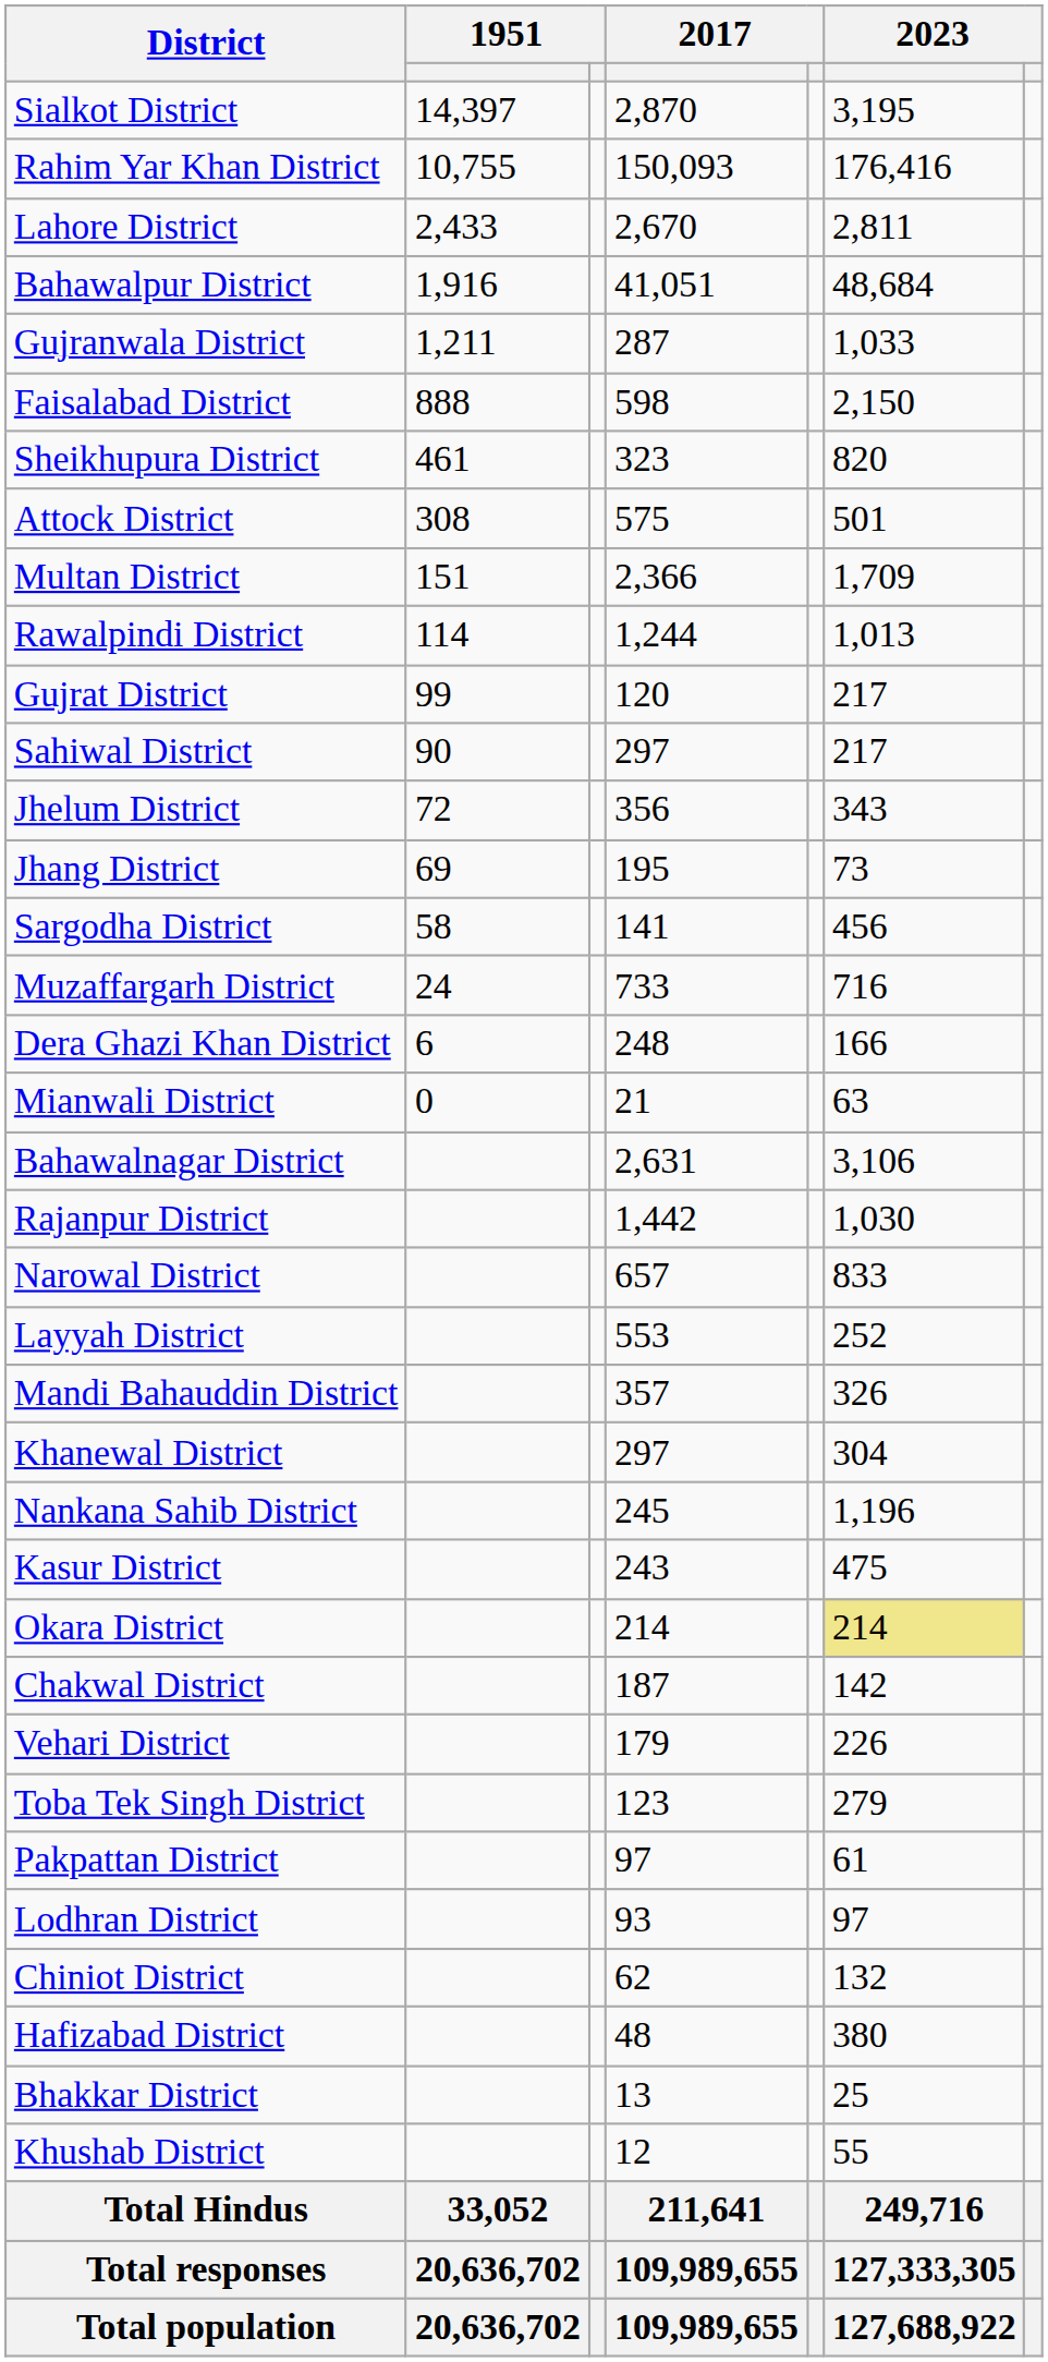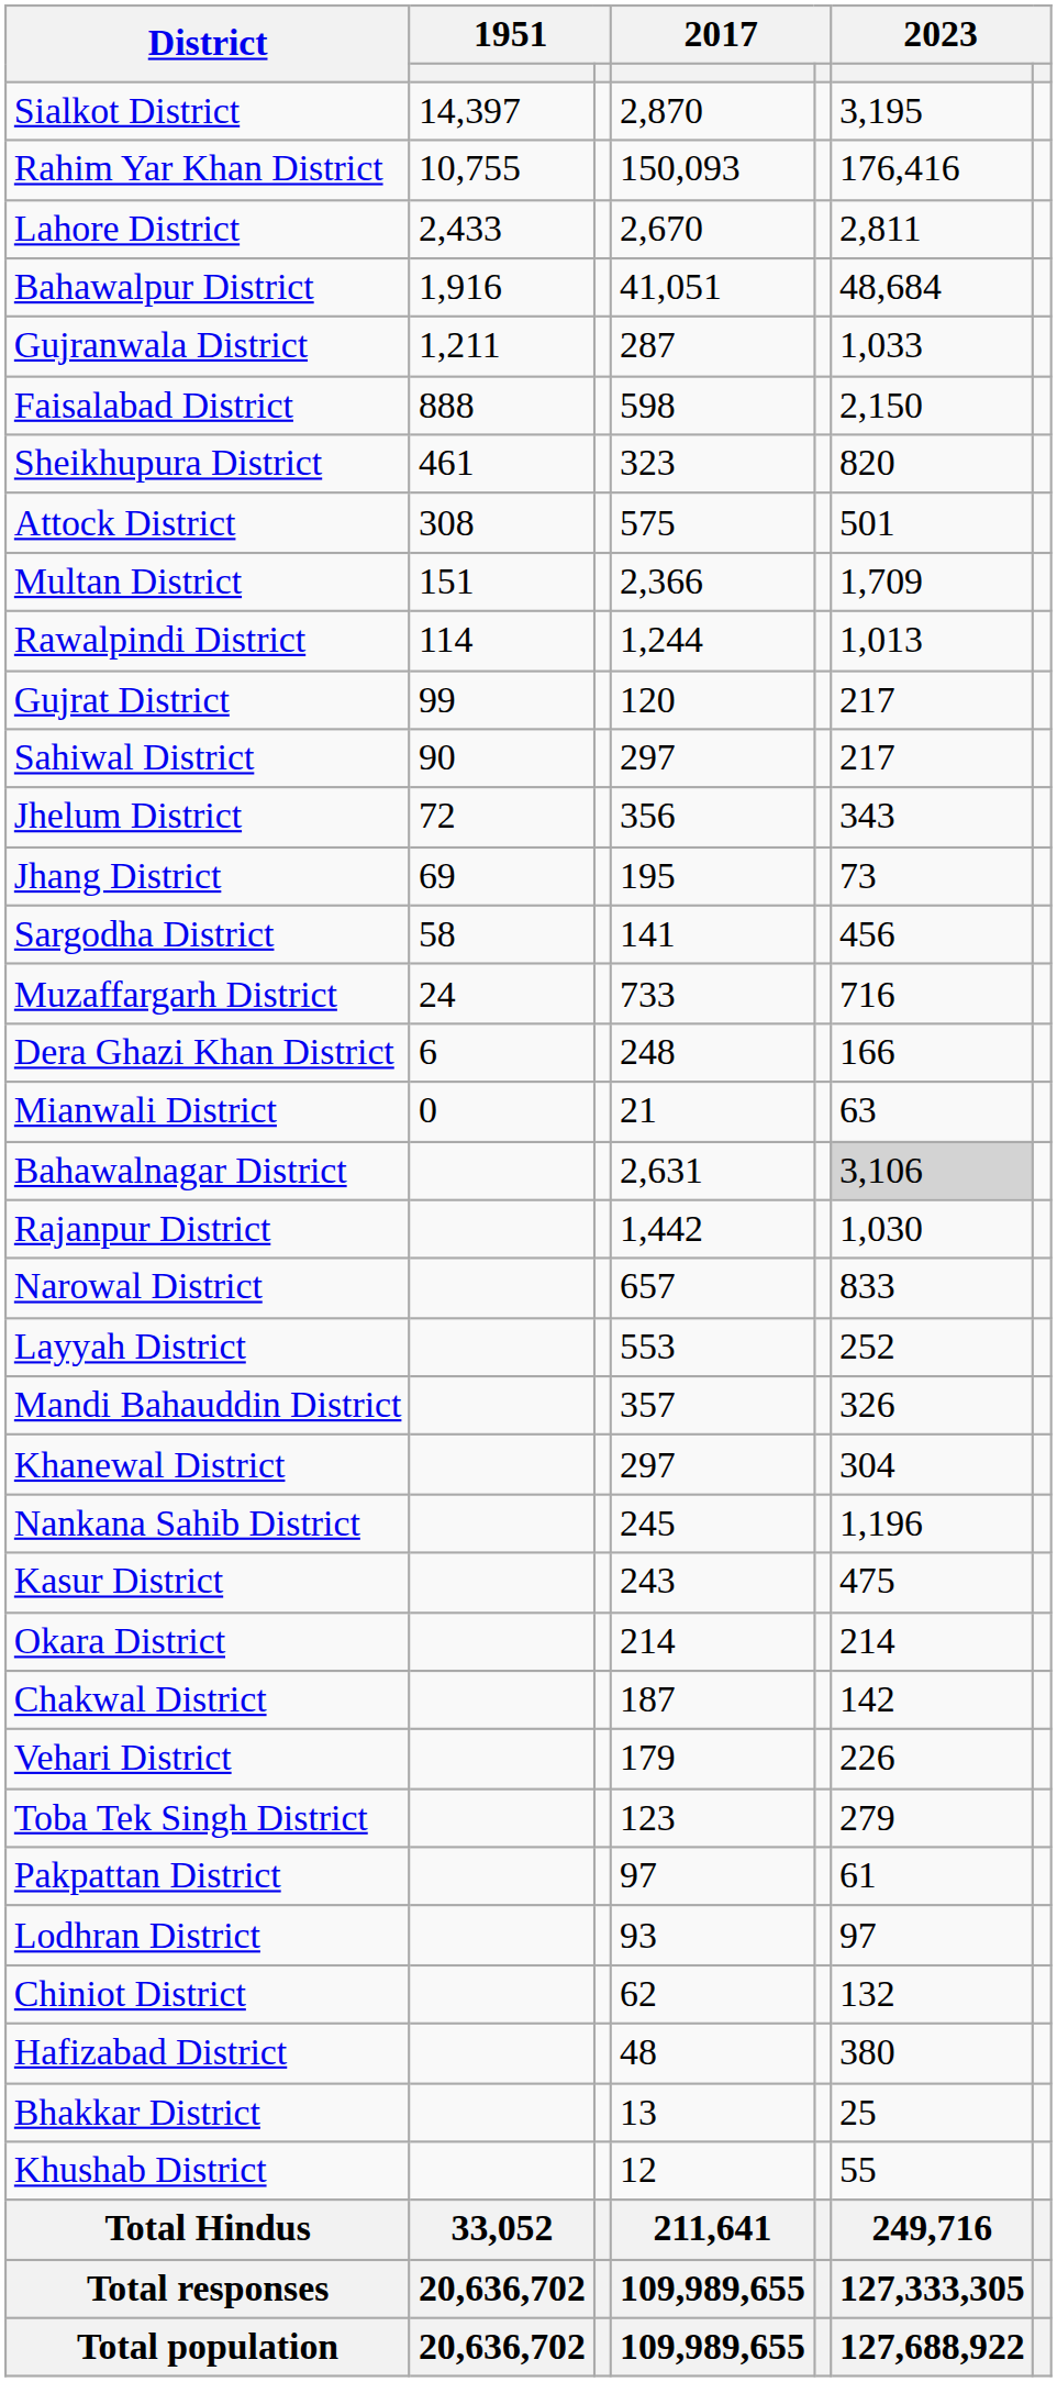 <table class="wikitable sortable">
 <tr>
 <th rowspan="2"><a href='#'>District</a></th>
 <th colspan="2">1951</th>
 <th colspan="2">2017</th>
 <th colspan="2">2023</th>
 </tr>
 <tr>
 <th><a href='#'></a></th>
 <th></th>
 <th></th>
 <th></th>
 <th></th>
 <th></th>
 </tr>
 <tr>
 <td><a href='#'>Sialkot District</a></td>
 <td>14,397</td>
 <td></td>
 <td>2,870</td>
 <td></td>
 <td>3,195</td>
 <td></td>
 </tr>
 <tr>
 <td><a href='#'>Rahim Yar Khan District</a></td>
 <td>10,755</td>
 <td></td>
 <td>150,093</td>
 <td></td>
 <td>176,416</td>
 <td></td>
 </tr>
 <tr>
 <td><a href='#'>Lahore District</a></td>
 <td>2,433</td>
 <td></td>
 <td>2,670</td>
 <td></td>
 <td>2,811</td>
 <td></td>
 </tr>
 <tr>
 <td><a href='#'>Bahawalpur District</a></td>
 <td>1,916</td>
 <td></td>
 <td>41,051</td>
 <td></td>
 <td>48,684</td>
 <td></td>
 </tr>
 <tr>
 <td><a href='#'>Gujranwala District</a></td>
 <td>1,211</td>
 <td></td>
 <td>287</td>
 <td></td>
 <td>1,033</td>
 <td></td>
 </tr>
 <tr>
 <td><a href='#'>Faisalabad District</a></td>
 <td>888</td>
 <td></td>
 <td>598</td>
 <td></td>
 <td>2,150</td>
 <td></td>
 </tr>
 <tr>
 <td><a href='#'>Sheikhupura District</a></td>
 <td>461</td>
 <td></td>
 <td>323</td>
 <td></td>
 <td>820</td>
 <td></td>
 </tr>
 <tr>
 <td><a href='#'>Attock District</a></td>
 <td>308</td>
 <td></td>
 <td>575</td>
 <td></td>
 <td>501</td>
 <td></td>
 </tr>
 <tr>
 <td><a href='#'>Multan District</a></td>
 <td>151</td>
 <td></td>
 <td>2,366</td>
 <td></td>
 <td>1,709</td>
 <td></td>
 </tr>
 <tr>
 <td><a href='#'>Rawalpindi District</a></td>
 <td>114</td>
 <td></td>
 <td>1,244</td>
 <td></td>
 <td>1,013</td>
 <td></td>
 </tr>
 <tr>
 <td><a href='#'>Gujrat District</a></td>
 <td>99</td>
 <td></td>
 <td>120</td>
 <td></td>
 <td>217</td>
 <td></td>
 </tr>
 <tr>
 <td><a href='#'>Sahiwal District</a></td>
 <td>90</td>
 <td></td>
 <td>297</td>
 <td></td>
 <td>217</td>
 <td></td>
 </tr>
 <tr>
 <td><a href='#'>Jhelum District</a></td>
 <td>72</td>
 <td></td>
 <td>356</td>
 <td></td>
 <td>343</td>
 <td></td>
 </tr>
 <tr>
 <td><a href='#'>Jhang District</a></td>
 <td>69</td>
 <td></td>
 <td>195</td>
 <td></td>
 <td>73</td>
 <td></td>
 </tr>
 <tr>
 <td><a href='#'>Sargodha District</a></td>
 <td>58</td>
 <td></td>
 <td>141</td>
 <td></td>
 <td>456</td>
 <td></td>
 </tr>
 <tr>
 <td><a href='#'>Muzaffargarh District</a></td>
 <td>24</td>
 <td></td>
 <td>733</td>
 <td></td>
 <td>716</td>
 <td></td>
 </tr>
 <tr>
 <td><a href='#'>Dera Ghazi Khan District</a></td>
 <td>6</td>
 <td></td>
 <td>248</td>
 <td></td>
 <td>166</td>
 <td></td>
 </tr>
 <tr>
 <td><a href='#'>Mianwali District</a></td>
 <td>0</td>
 <td></td>
 <td>21</td>
 <td></td>
 <td>63</td>
 <td></td>
 </tr>
 <tr>
 <td><a href='#'>Bahawalnagar District</a></td>
 <td></td>
 <td></td>
 <td>2,631</td>
 <td></td>
-<td>3,106</td>
+<td style="background: lightgrey;">3,106</td>
 <td></td>
 </tr>
 <tr>
 <td><a href='#'>Rajanpur District</a></td>
 <td></td>
 <td></td>
 <td>1,442</td>
 <td></td>
 <td>1,030</td>
 <td></td>
 </tr>
 <tr>
 <td><a href='#'>Narowal District</a></td>
 <td></td>
 <td></td>
 <td>657</td>
 <td></td>
 <td>833</td>
 <td></td>
 </tr>
 <tr>
 <td><a href='#'>Layyah District</a></td>
 <td></td>
 <td></td>
 <td>553</td>
 <td></td>
 <td>252</td>
 <td></td>
 </tr>
 <tr>
 <td><a href='#'>Mandi Bahauddin District</a></td>
 <td></td>
 <td></td>
 <td>357</td>
 <td></td>
 <td>326</td>
 <td></td>
 </tr>
 <tr>
 <td><a href='#'>Khanewal District</a></td>
 <td></td>
 <td></td>
 <td>297</td>
 <td></td>
 <td>304</td>
 <td></td>
 </tr>
 <tr>
 <td><a href='#'>Nankana Sahib District</a></td>
 <td></td>
 <td></td>
 <td>245</td>
 <td></td>
 <td>1,196</td>
 <td></td>
 </tr>
 <tr>
 <td><a href='#'>Kasur District</a></td>
 <td></td>
 <td></td>
 <td>243</td>
 <td></td>
 <td>475</td>
 <td></td>
 </tr>
 <tr>
 <td><a href='#'>Okara District</a></td>
 <td></td>
 <td></td>
 <td>214</td>
 <td></td>
-<td style="background: khaki;">214</td>
+<td>214</td>
 <td></td>
 </tr>
 <tr>
 <td><a href='#'>Chakwal District</a></td>
 <td></td>
 <td></td>
 <td>187</td>
 <td></td>
 <td>142</td>
 <td></td>
 </tr>
 <tr>
 <td><a href='#'>Vehari District</a></td>
 <td></td>
 <td></td>
 <td>179</td>
 <td></td>
 <td>226</td>
 <td></td>
 </tr>
 <tr>
 <td><a href='#'>Toba Tek Singh District</a></td>
 <td></td>
 <td></td>
 <td>123</td>
 <td></td>
 <td>279</td>
 <td></td>
 </tr>
 <tr>
 <td><a href='#'>Pakpattan District</a></td>
 <td></td>
 <td></td>
 <td>97</td>
 <td></td>
 <td>61</td>
 <td></td>
 </tr>
 <tr>
 <td><a href='#'>Lodhran District</a></td>
 <td></td>
 <td></td>
 <td>93</td>
 <td></td>
 <td>97</td>
 <td></td>
 </tr>
 <tr>
 <td><a href='#'>Chiniot District</a></td>
 <td></td>
 <td></td>
 <td>62</td>
 <td></td>
 <td>132</td>
 <td></td>
 </tr>
 <tr>
 <td><a href='#'>Hafizabad District</a></td>
 <td></td>
 <td></td>
 <td>48</td>
 <td></td>
 <td>380</td>
 <td></td>
 </tr>
 <tr>
 <td><a href='#'>Bhakkar District</a></td>
 <td></td>
 <td></td>
 <td>13</td>
 <td></td>
 <td>25</td>
 <td></td>
 </tr>
 <tr>
 <td><a href='#'>Khushab District</a></td>
 <td></td>
 <td></td>
 <td>12</td>
 <td></td>
 <td>55</td>
 <td></td>
 </tr>
 <tr>
 <th>Total Hindus</th>
 <th>33,052</th>
 <th></th>
 <th>211,641</th>
 <th></th>
 <th>249,716</th>
 <th></th>
 </tr>
 <tr>
 <th>Total responses</th>
 <th>20,636,702</th>
 <th></th>
 <th>109,989,655</th>
 <th></th>
 <th>127,333,305</th>
 <th></th>
 </tr>
 <tr>
 <th>Total population</th>
 <th>20,636,702</th>
 <th></th>
 <th>109,989,655</th>
 <th></th>
 <th>127,688,922</th>
 <th></th>
 </tr>
 </table>
